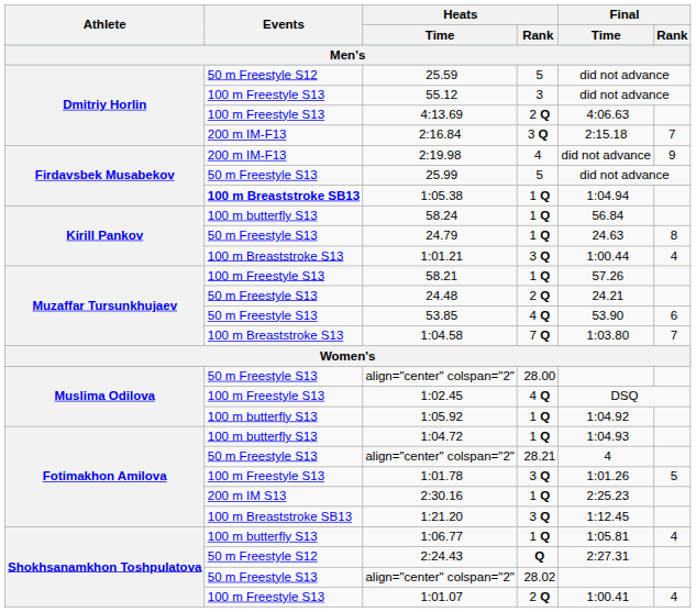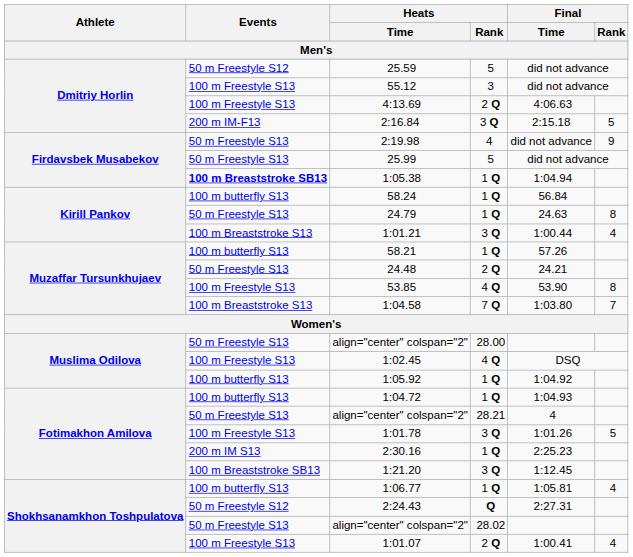 <table class=wikitable>
 <tr>
 <th rowspan="2">Athlete</th>
 <th rowspan="2">Events</th>
 <th colspan="2">Heats</th>
 <th colspan="2">Final</th>
 </tr>
 <tr>
 <th>Time</th>
 <th>Rank</th>
 <th>Time</th>
 <th>Rank</th>
 </tr>
 <tr style="background:#9acdff;">
 <th colspan=6>Men's</th>
 </tr>
 <tr>
 <th rowspan="4"><a href='#'>Dmitriy Horlin</a></th>
 <td><a href='#'>50 m Freestyle S12</a></td>
 <td style="text-align:center;"> 25.59</td>
 <td style="text-align:center;"> 5</td>
 <td align="center" colspan=2>did not advance</td>
 </tr>
 <tr>
 <td><a href='#'>100 m Freestyle S13</a></td>
 <td style="text-align:center;"> 55.12</td>
 <td style="text-align:center;"> 3</td>
 <td align="center" colspan=2>did not advance</td>
 </tr>
 <tr>
 <td><a href='#'>100 m Freestyle S13</a></td>
 <td style="text-align:center;"> 4:13.69</td>
 <td style="text-align:center;"> 2 <strong>Q</strong></td>
 <td style="text-align:center;"> 4:06.63</td>
 <td style="text-align:center;"> </td>
 </tr>
 <tr>
 <td><a href='#'>200 m IM-F13</a></td>
 <td align="center">2:16.84</td>
 <td align="center">3 <strong>Q</strong></td>
 <td align="center">2:15.18</td>
-<td align="center">7</td>
+<td align="center">5</td>
 </tr>
 <tr>
 <th rowspan="3"><a href='#'>Firdavsbek Musabekov</a></th>
-<td><a href='#'>200 m IM-F13</a></td>
+<td><a href='#'>50 m Freestyle S13</a></td>
 <td align="center">2:19.98</td>
 <td align="center">4</td>
 <td align="center">did not advance</td>
 <td align="center">9</td>
 </tr>
 <tr>
 <td><a href='#'>50 m Freestyle S13</a></td>
 <td style="text-align:center;"> 25.99</td>
 <td style="text-align:center;"> 5</td>
 <td align="center" colspan=2>did not advance</td>
 </tr>
 <tr>
 <td><strong><a href='#'>100 m Breaststroke SB13</a></strong></td>
 <td style="text-align:center;"> 1:05.38</td>
 <td style="text-align:center;"> 1 <strong>Q</strong></td>
 <td style="text-align:center;"> 1:04.94</td>
 <td style="text-align:center;"> </td>
 </tr>
 <tr>
 <th rowspan="3"><a href='#'>Kirill Pankov</a></th>
 <td><a href='#'>100 m butterfly S13</a></td>
 <td style="text-align:center;"> 58.24</td>
 <td style="text-align:center;"> 1 <strong>Q</strong></td>
 <td style="text-align:center;"> 56.84</td>
 <td style="text-align:center;"> </td>
 </tr>
 <tr>
 <td><a href='#'>50 m Freestyle S13</a></td>
 <td style="text-align:center;"> 24.79</td>
 <td style="text-align:center;"> 1 <strong>Q</strong></td>
 <td style="text-align:center;"> 24.63</td>
 <td style="text-align:center;"> 8</td>
 </tr>
 <tr>
 <td><a href='#'>100 m Breaststroke S13</a></td>
 <td style="text-align:center;"> 1:01.21</td>
 <td style="text-align:center;"> 3 <strong>Q</strong></td>
 <td style="text-align:center;"> 1:00.44</td>
 <td style="text-align:center;"> 4</td>
 </tr>
 <tr>
 <th rowspan="4"><a href='#'>Muzaffar Tursunkhujaev</a></th>
-<td><a href='#'>100 m Freestyle S13</a></td>
+<td><a href='#'>100 m butterfly S13</a></td>
 <td style="text-align:center;"> 58.21</td>
 <td style="text-align:center;"> 1 <strong>Q</strong></td>
 <td style="text-align:center;"> 57.26</td>
 <td style="text-align:center;"> </td>
 </tr>
 <tr>
 <td><a href='#'>50 m Freestyle S13</a></td>
 <td style="text-align:center;"> 24.48</td>
 <td style="text-align:center;"> 2 <strong>Q</strong></td>
 <td style="text-align:center;"> 24.21</td>
 <td style="text-align:center;"> </td>
 </tr>
 <tr>
-<td><a href='#'>50 m Freestyle S13</a></td>
+<td><a href='#'>100 m Freestyle S13</a></td>
 <td style="text-align:center;"> 53.85</td>
 <td style="text-align:center;"> 4 <strong>Q</strong></td>
 <td style="text-align:center;"> 53.90</td>
-<td style="text-align:center;"> 6</td>
+<td style="text-align:center;"> 8</td>
 </tr>
 <tr>
 <td><a href='#'>100 m Breaststroke S13</a></td>
 <td style="text-align:center;"> 1:04.58</td>
 <td style="text-align:center;"> 7 <strong>Q</strong></td>
 <td style="text-align:center;"> 1:03.80</td>
 <td style="text-align:center;"> 7</td>
 </tr>
 <tr style="background:#9acdff;">
 <th colspan=6>Women's</th>
 </tr>
 <tr>
 <th rowspan="3"><strong><a href='#'>Muslima Odilova</a></strong></th>
 <td><a href='#'>50 m Freestyle S13</a></td>
 <td>align="center" colspan="2" </td>
 <td style="text-align:center;"> 28.00</td>
 <td style="text-align:center;"> </td>
 </tr>
 <tr>
 <td><a href='#'>100 m Freestyle S13</a></td>
 <td style="text-align:center;"> 1:02.45</td>
 <td style="text-align:center;"> 4 <strong>Q</strong></td>
 <td align="center" colspan=2>DSQ</td>
 </tr>
 <tr>
 <td><a href='#'>100 m butterfly S13</a></td>
 <td style="text-align:center;"> 1:05.92</td>
 <td style="text-align:center;"> 1 <strong>Q</strong></td>
 <td style="text-align:center;"> 1:04.92</td>
 <td style="text-align:center;"> </td>
 </tr>
 <tr>
 <th rowspan="5"><strong><a href='#'>Fotimakhon Amilova</a></strong></th>
 <td><a href='#'>100 m butterfly S13</a></td>
 <td style="text-align:center;"> 1:04.72</td>
 <td style="text-align:center;"> 1 <strong>Q</strong></td>
 <td style="text-align:center;"> 1:04.93</td>
 <td style="text-align:center;"> </td>
 </tr>
 <tr>
 <td><a href='#'>50 m Freestyle S13</a></td>
 <td>align="center" colspan="2" </td>
 <td style="text-align:center;"> 28.21</td>
 <td style="text-align:center;"> 4</td>
 </tr>
 <tr>
 <td><a href='#'>100 m Freestyle S13</a></td>
 <td style="text-align:center;"> 1:01.78</td>
 <td style="text-align:center;"> 3 <strong>Q</strong></td>
 <td style="text-align:center;"> 1:01.26</td>
 <td style="text-align:center;"> 5</td>
 </tr>
 <tr>
 <td><a href='#'>200 m IM S13</a></td>
 <td style="text-align:center;"> 2:30.16</td>
 <td style="text-align:center;"> 1 <strong>Q</strong></td>
 <td style="text-align:center;"> 2:25.23</td>
 <td style="text-align:center;"> </td>
 </tr>
 <tr>
 <td><a href='#'>100 m Breaststroke SB13</a></td>
 <td style="text-align:center;"> 1:21.20</td>
 <td style="text-align:center;"> 3 <strong>Q</strong></td>
 <td style="text-align:center;"> 1:12.45</td>
 <td style="text-align:center;"> </td>
 </tr>
 <tr>
 <th rowspan="4"><a href='#'>Shokhsanamkhon Toshpulatova</a></th>
 <td><a href='#'>100 m butterfly S13</a></td>
 <td style="text-align:center;"> 1:06.77</td>
 <td style="text-align:center;"> 1 <strong>Q</strong></td>
 <td style="text-align:center;"> 1:05.81</td>
 <td style="text-align:center;"> 4</td>
 </tr>
 <tr>
 <td><a href='#'>50 m Freestyle S12</a></td>
 <td style="text-align:center;"> 2:24.43</td>
 <td style="text-align:center;"> <strong>Q</strong></td>
 <td style="text-align:center;"> 2:27.31</td>
 <td style="text-align:center;"> </td>
 </tr>
 <tr>
 <td><a href='#'>50 m Freestyle S13</a></td>
 <td>align="center" colspan="2" </td>
 <td style="text-align:center;"> 28.02</td>
 <td style="text-align:center;"> </td>
 </tr>
 <tr>
 <td><a href='#'>100 m Freestyle S13</a></td>
 <td style="text-align:center;"> 1:01.07</td>
 <td style="text-align:center;"> 2 <strong>Q</strong></td>
 <td style="text-align:center;"> 1:00.41</td>
 <td style="text-align:center;"> 4</td>
 </tr>
 </table>
